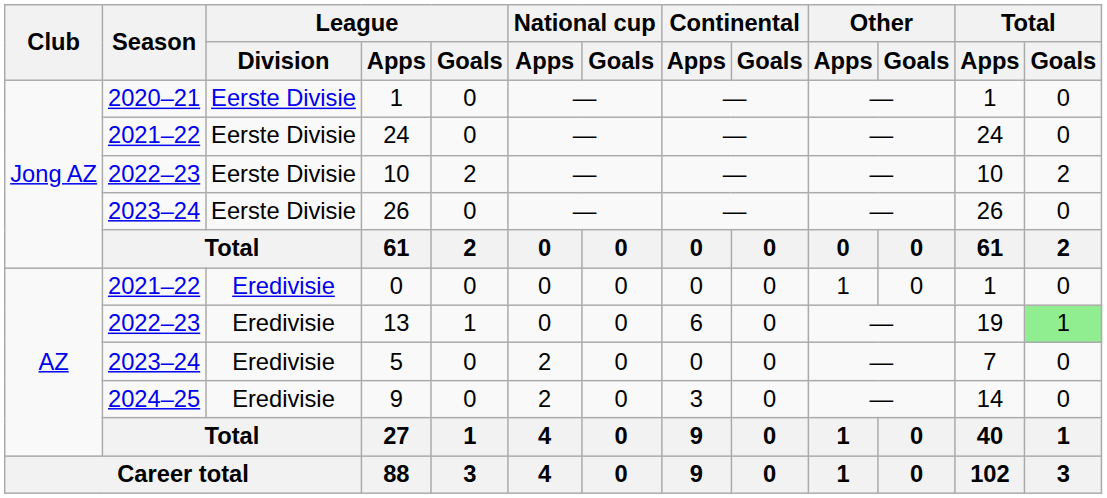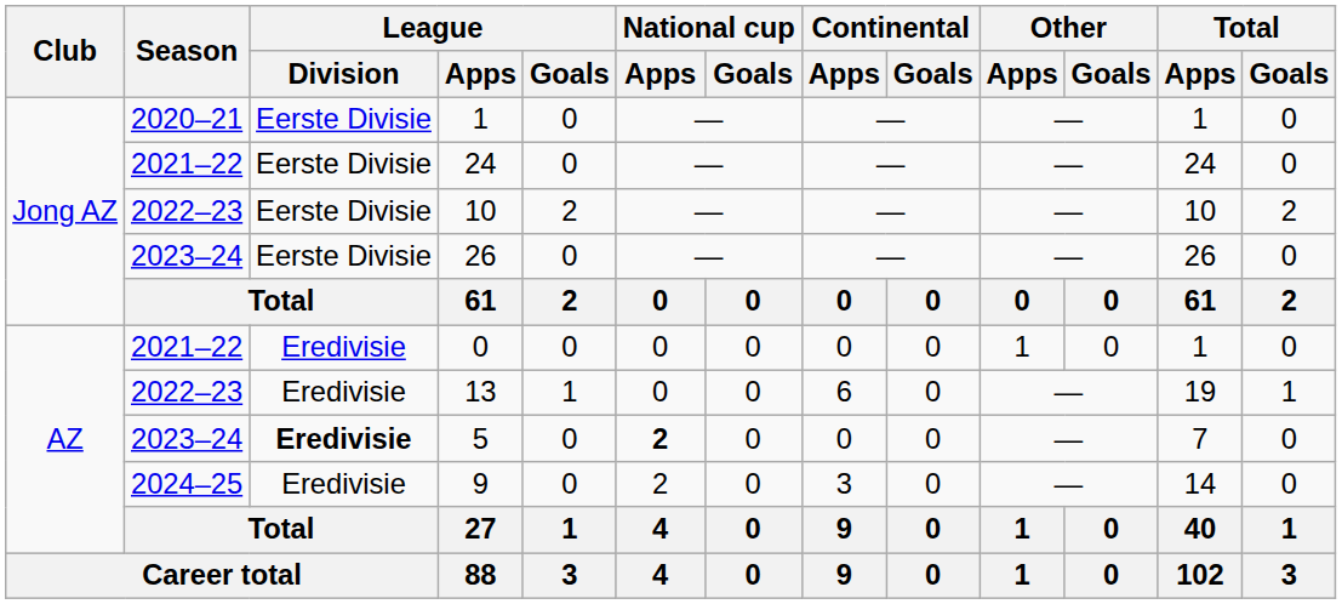 <table class="wikitable" Style="text-align: center">
 <tr>
 <th rowspan="2">Club</th>
 <th rowspan="2">Season</th>
 <th colspan="3">League</th>
 <th colspan="2">National cup</th>
 <th colspan="2">Continental</th>
 <th colspan="2">Other</th>
 <th colspan="2">Total</th>
 </tr>
 <tr>
 <th>Division</th>
 <th>Apps</th>
 <th>Goals</th>
 <th>Apps</th>
 <th>Goals</th>
 <th>Apps</th>
 <th>Goals</th>
 <th>Apps</th>
 <th>Goals</th>
 <th>Apps</th>
 <th>Goals</th>
 </tr>
 <tr>
 <td rowspan="5"><a href='#'>Jong AZ</a></td>
 <td><a href='#'>2020–21</a></td>
 <td><a href='#'>Eerste Divisie</a></td>
 <td>1</td>
 <td>0</td>
 <td colspan="2">—</td>
 <td colspan="2">—</td>
 <td colspan="2">—</td>
 <td>1</td>
 <td>0</td>
 </tr>
 <tr>
 <td><a href='#'>2021–22</a></td>
 <td>Eerste Divisie</td>
 <td>24</td>
 <td>0</td>
 <td colspan="2">—</td>
 <td colspan="2">—</td>
 <td colspan="2">—</td>
 <td>24</td>
 <td>0</td>
 </tr>
 <tr>
 <td><a href='#'>2022–23</a></td>
 <td>Eerste Divisie</td>
 <td>10</td>
 <td>2</td>
 <td colspan="2">—</td>
 <td colspan="2">—</td>
 <td colspan="2">—</td>
 <td>10</td>
 <td>2</td>
 </tr>
 <tr>
 <td><a href='#'>2023–24</a></td>
 <td>Eerste Divisie</td>
 <td>26</td>
 <td>0</td>
 <td colspan="2">—</td>
 <td colspan="2">—</td>
 <td colspan="2">—</td>
 <td>26</td>
 <td>0</td>
 </tr>
 <tr>
 <th colspan="2">Total</th>
 <th>61</th>
 <th>2</th>
 <th>0</th>
 <th>0</th>
 <th>0</th>
 <th>0</th>
 <th>0</th>
 <th>0</th>
 <th>61</th>
 <th>2</th>
 </tr>
 <tr>
 <td rowspan="5"><a href='#'>AZ</a></td>
 <td><a href='#'>2021–22</a></td>
 <td><a href='#'>Eredivisie</a></td>
 <td>0</td>
 <td>0</td>
 <td>0</td>
 <td>0</td>
 <td>0</td>
 <td>0</td>
 <td>1</td>
 <td>0</td>
 <td>1</td>
 <td>0</td>
 </tr>
 <tr>
 <td><a href='#'>2022–23</a></td>
 <td>Eredivisie</td>
 <td>13</td>
 <td>1</td>
 <td>0</td>
 <td>0</td>
 <td>6</td>
 <td>0</td>
 <td colspan="2">—</td>
 <td>19</td>
-<td style="background: lightgreen;">1</td>
+<td>1</td>
 </tr>
 <tr>
 <td><a href='#'>2023–24</a></td>
-<td>Eredivisie</td>
+<td><strong>Eredivisie</strong></td>
 <td>5</td>
 <td>0</td>
-<td>2</td>
+<td><strong>2</strong></td>
 <td>0</td>
 <td>0</td>
 <td>0</td>
 <td colspan="2">—</td>
 <td>7</td>
 <td>0</td>
 </tr>
 <tr>
 <td><a href='#'>2024–25</a></td>
 <td>Eredivisie</td>
 <td>9</td>
 <td>0</td>
 <td>2</td>
 <td>0</td>
 <td>3</td>
 <td>0</td>
 <td colspan="2">—</td>
 <td>14</td>
 <td>0</td>
 </tr>
 <tr>
 <th colspan="2">Total</th>
 <th>27</th>
 <th>1</th>
 <th>4</th>
 <th>0</th>
 <th>9</th>
 <th>0</th>
 <th>1</th>
 <th>0</th>
 <th>40</th>
 <th>1</th>
 </tr>
 <tr>
 <th colspan="3">Career total</th>
 <th>88</th>
 <th>3</th>
 <th>4</th>
 <th>0</th>
 <th>9</th>
 <th>0</th>
 <th>1</th>
 <th>0</th>
 <th>102</th>
 <th>3</th>
 </tr>
 </table>
